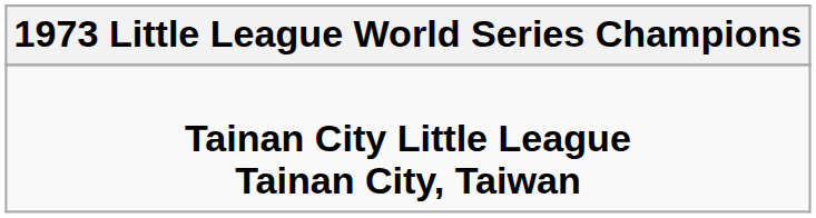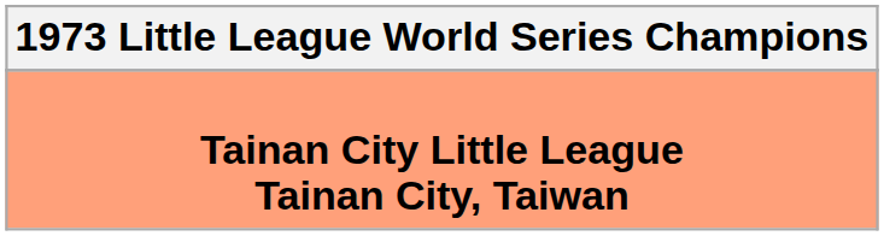 <table class="wikitable" style="text-align: center; margin: 0 auto;">
 <tr>
 <th>1973 Little League World Series Champions</th>
 </tr>
 <tr>
 </tr>
 <tr>
-<td><br><strong>Tainan City Little League</strong><br><strong>Tainan City, Taiwan</strong></td>
+<td style="background: lightsalmon;"><br><strong>Tainan City Little League</strong><br><strong>Tainan City, Taiwan</strong></td>
 </tr>
 </table>
